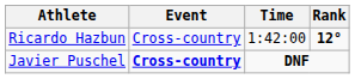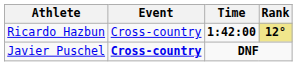 <table class=wikitable style="font-size:95%">
 <tr>
 <th>Athlete</th>
 <th>Event</th>
 <th>Time</th>
 <th>Rank</th>
 </tr>
 <tr>
 <td><a href='#'>Ricardo Hazbun</a></td>
 <td align=center><a href='#'>Cross-country</a></td>
-<td align=center>1:42:00</td>
-<td align=center><strong>12°</strong></td>
+<td align=center><strong>1:42:00</strong></td>
+<td align=center style="background: khaki;"><strong>12°</strong></td>
 </tr>
 <tr>
 <td><a href='#'>Javier Puschel</a></td>
 <td align=center><strong><a href='#'>Cross-country</a></strong></td>
 <td align=center colspan=2><strong>DNF</strong></td>
 </tr>
 </table>
